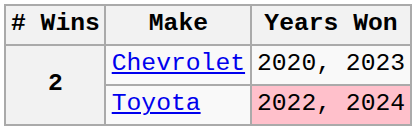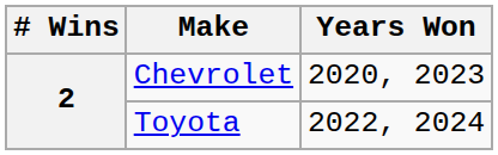 <table class="wikitable" style="font-size: 95%;">
 <tr>
 <th># Wins</th>
 <th>Make</th>
 <th>Years Won</th>
 </tr>
 <tr>
 <th rowspan=2>2</th>
 <td> <a href='#'>Chevrolet</a></td>
 <td>2020, 2023</td>
 </tr>
 <tr>
 <td> <a href='#'>Toyota</a></td>
-<td style="background: pink;">2022, 2024</td>
+<td>2022, 2024</td>
 </tr>
 </table>
